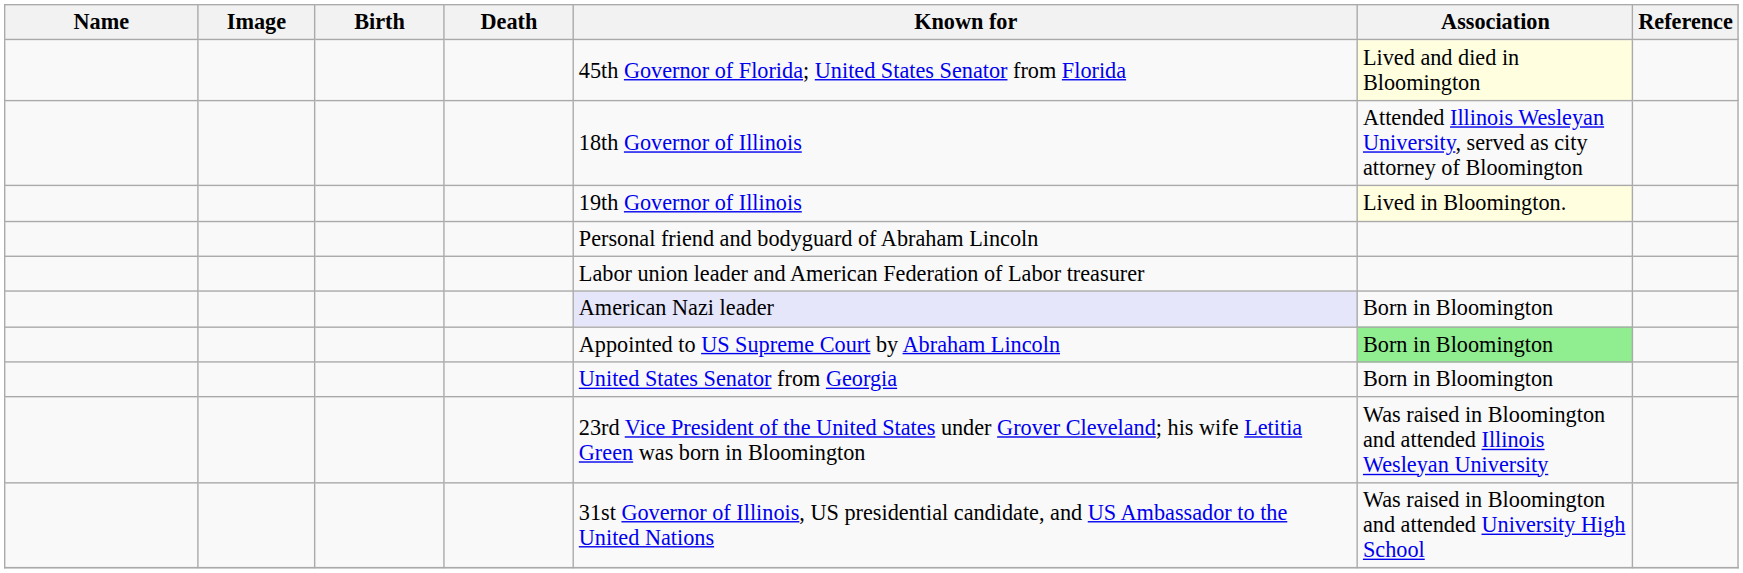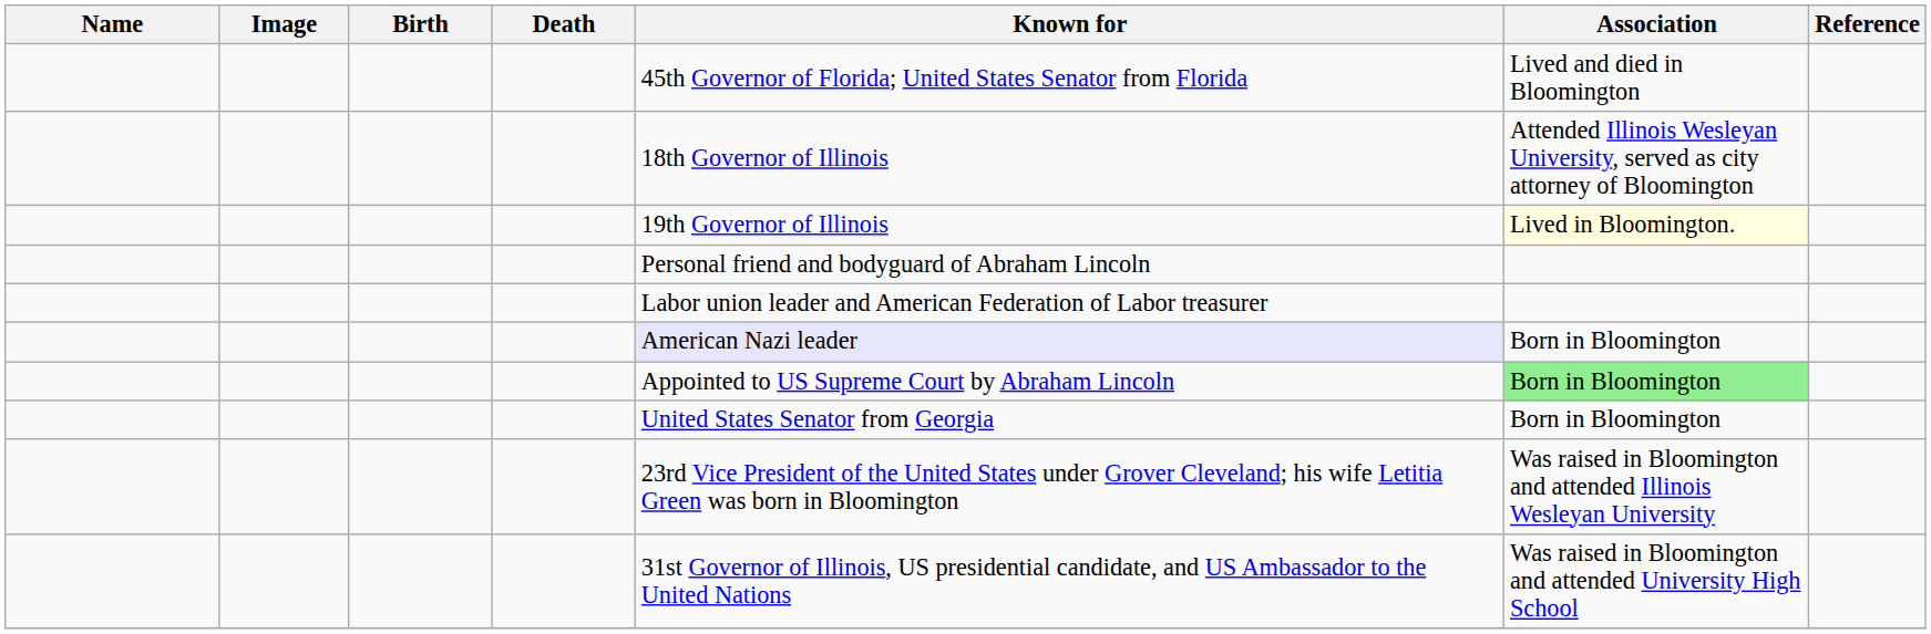 <table class="wikitable sortable">
 <tr>
 <th scope="col" width="140">Name</th>
 <th scope="col" width="80" class="unsortable">Image</th>
 <th scope="col" width="90">Birth</th>
 <th scope="col" width="90">Death</th>
 <th scope="col" width="600" class="unsortable">Known for</th>
 <th scope="col" width="200" class="unsortable">Association</th>
 <th scope="col" width="30" class="unsortable">Reference</th>
 </tr>
 <tr>
 <td></td>
 <td></td>
 <td align=right></td>
 <td align=right></td>
 <td>45th <a href='#'>Governor of Florida</a>; <a href='#'>United States Senator</a> from <a href='#'>Florida</a></td>
-<td style="background: lightyellow;">Lived and died in Bloomington</td>
+<td>Lived and died in Bloomington</td>
 <td align="center"></td>
 </tr>
 <tr>
 <td></td>
 <td></td>
 <td align=right></td>
 <td align=right></td>
 <td>18th <a href='#'>Governor of Illinois</a></td>
 <td>Attended <a href='#'>Illinois Wesleyan University</a>, served as city attorney of Bloomington</td>
 <td align="center"></td>
 </tr>
 <tr>
 <td></td>
 <td></td>
 <td align=right></td>
 <td align=right></td>
 <td>19th <a href='#'>Governor of Illinois</a></td>
 <td style="background: lightyellow;">Lived in Bloomington.</td>
 <td align="center"></td>
 </tr>
 <tr>
 <td></td>
 <td></td>
 <td align=right></td>
 <td align=right></td>
 <td>Personal friend and bodyguard of Abraham Lincoln</td>
 <td></td>
 <td align="center"></td>
 </tr>
 <tr>
 <td></td>
 <td></td>
 <td align=right></td>
 <td align=right></td>
 <td>Labor union leader and American Federation of Labor treasurer</td>
 <td></td>
 <td align="center"></td>
 </tr>
 <tr>
 <td></td>
 <td></td>
 <td align=right></td>
 <td align=right></td>
 <td style="background: lavender;">American Nazi leader</td>
 <td>Born in Bloomington</td>
 <td align="center"></td>
 </tr>
 <tr>
 <td></td>
 <td></td>
 <td align=right></td>
 <td></td>
 <td>Appointed to <a href='#'>US Supreme Court</a> by <a href='#'>Abraham Lincoln</a></td>
 <td style="background: lightgreen;">Born in Bloomington</td>
 <td align="center"></td>
 </tr>
 <tr>
 <td></td>
 <td></td>
 <td align=right></td>
 <td></td>
 <td><a href='#'>United States Senator</a> from <a href='#'>Georgia</a></td>
 <td>Born in Bloomington</td>
 <td align="center"></td>
 </tr>
 <tr>
 <td></td>
 <td></td>
 <td align=right></td>
 <td align=right></td>
 <td>23rd <a href='#'>Vice President of the United States</a> under <a href='#'>Grover Cleveland</a>; his wife <a href='#'>Letitia Green</a> was born in Bloomington</td>
 <td>Was raised in Bloomington and attended <a href='#'>Illinois Wesleyan University</a></td>
 <td align="center"></td>
 </tr>
 <tr>
 <td></td>
 <td></td>
 <td align=right></td>
 <td align=right></td>
 <td>31st <a href='#'>Governor of Illinois</a>, US presidential candidate, and <a href='#'>US Ambassador to the United Nations</a></td>
 <td>Was raised in Bloomington and attended <a href='#'>University High School</a></td>
 <td align="center"></td>
 </tr>
 <tr>
 </tr>
 </table>
